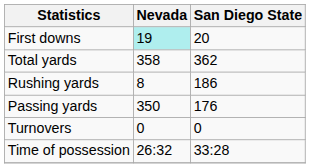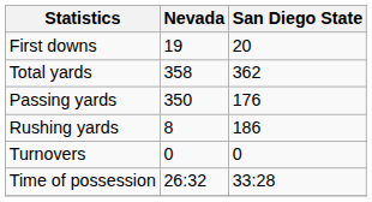 <table class="wikitable">
 <tr>
 <th>Statistics</th>
 <th>Nevada</th>
 <th>San Diego State</th>
 </tr>
 <tr>
 <td>First downs</td>
-<td style="background: paleturquoise;">19</td>
+<td>19</td>
 <td>20</td>
 </tr>
 <tr>
 <td>Total yards</td>
 <td>358</td>
 <td>362</td>
 </tr>
 <tr>
+<td>Passing yards</td>
+<td>350</td>
+<td>176</td>
+</tr>
+<tr>
 <td>Rushing yards</td>
 <td>8</td>
 <td>186</td>
-</tr>
-<tr>
-<td>Passing yards</td>
-<td>350</td>
-<td>176</td>
 </tr>
 <tr>
 <td>Turnovers</td>
 <td>0</td>
 <td>0</td>
 </tr>
 <tr>
 <td>Time of possession</td>
 <td>26:32</td>
 <td>33:28</td>
 </tr>
 <tr>
 </tr>
 </table>
